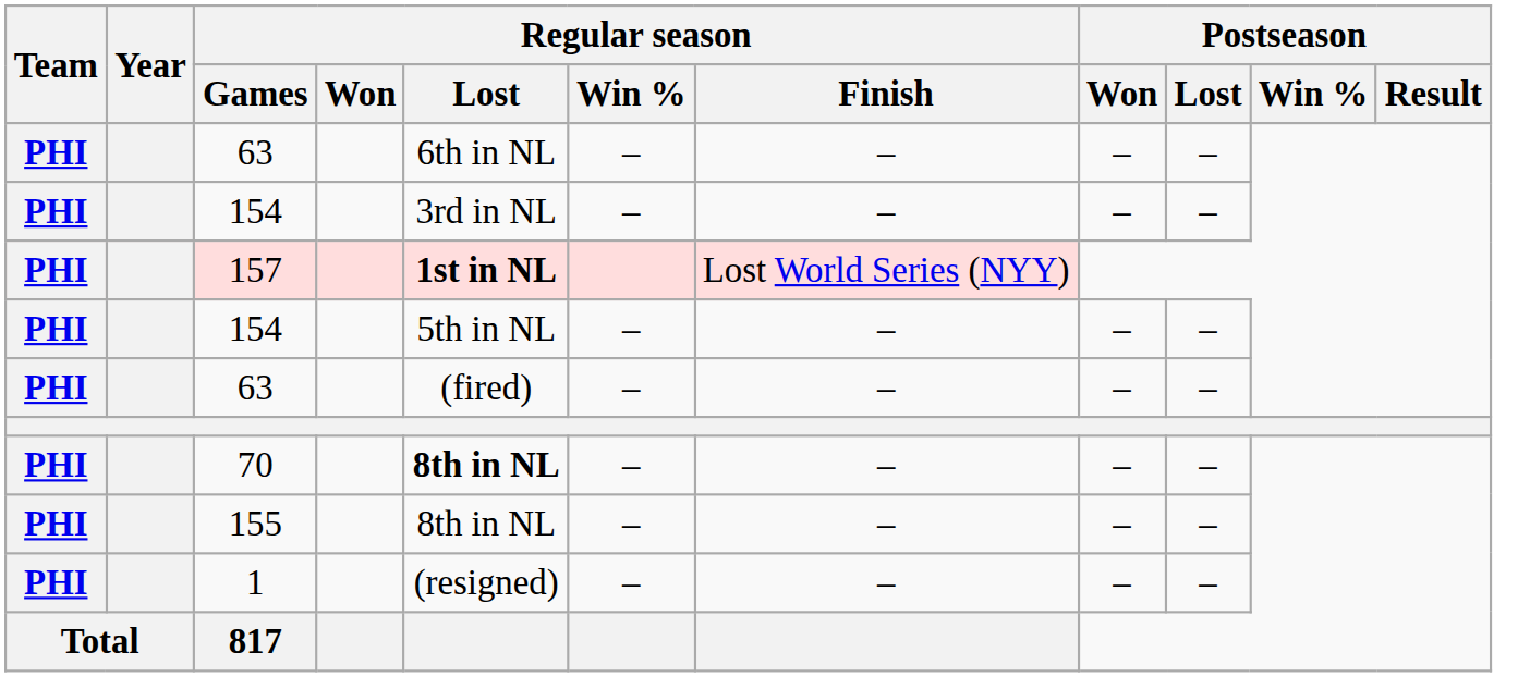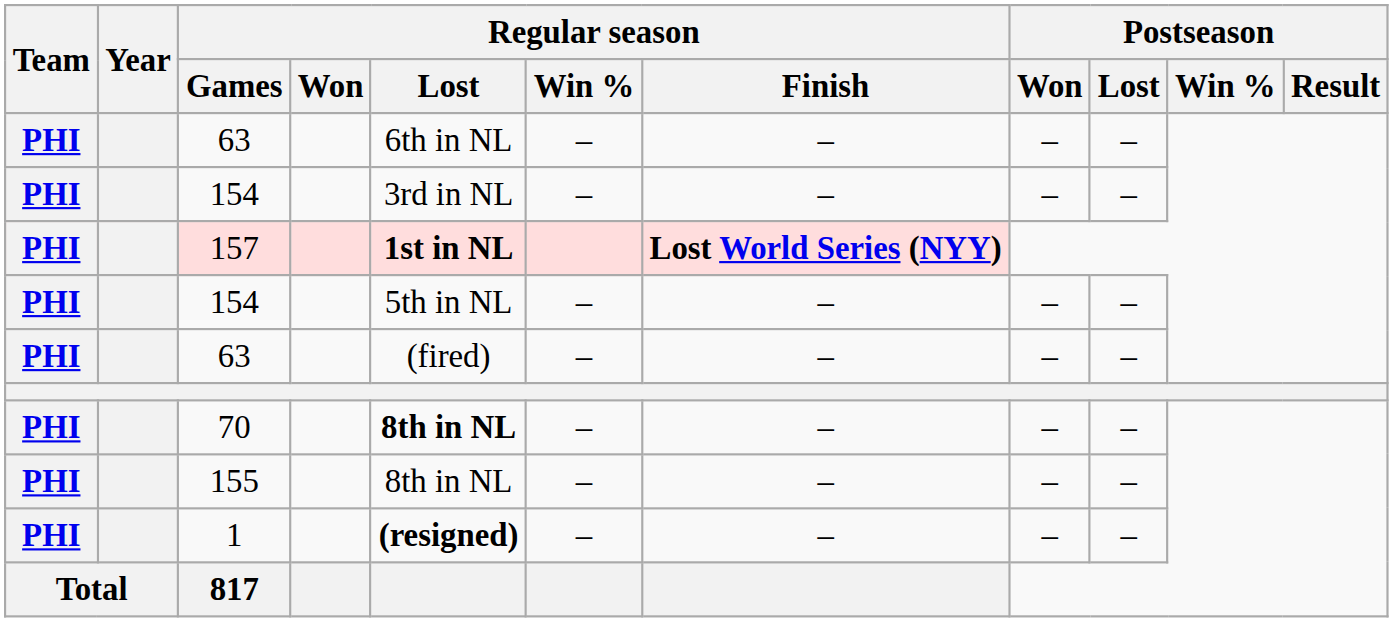 <table class="wikitable" style="font-size: 95%; text-align:center;">
 <tr>
 <th rowspan="2">Team</th>
 <th rowspan="2">Year</th>
 <th colspan="5">Regular season</th>
 <th colspan="4">Postseason</th>
 </tr>
 <tr>
 <th>Games</th>
 <th>Won</th>
 <th>Lost</th>
 <th>Win %</th>
 <th>Finish</th>
 <th>Won</th>
 <th>Lost</th>
 <th>Win %</th>
 <th>Result</th>
 </tr>
 <tr>
 <th><a href='#'>PHI</a></th>
 <th></th>
 <td>63</td>
 <td></td>
 <td>6th in NL</td>
 <td>–</td>
 <td>–</td>
 <td>–</td>
 <td>–</td>
 </tr>
 <tr>
 <th><a href='#'>PHI</a></th>
 <th></th>
 <td>154</td>
 <td></td>
 <td>3rd in NL</td>
 <td>–</td>
 <td>–</td>
 <td>–</td>
 <td>–</td>
 </tr>
 <tr style="background:#fdd;" !>
 <th><a href='#'>PHI</a></th>
 <th></th>
 <td>157</td>
 <td></td>
 <td><strong>1st in NL</strong></td>
 <td></td>
-<td>Lost <a href='#'>World Series</a> (<a href='#'>NYY</a>)</td>
+<td><strong>Lost <a href='#'>World Series</a> (<a href='#'>NYY</a>)</strong></td>
 </tr>
 <tr>
 <th><a href='#'>PHI</a></th>
 <th></th>
 <td>154</td>
 <td></td>
 <td>5th in NL</td>
 <td>–</td>
 <td>–</td>
 <td>–</td>
 <td>–</td>
 </tr>
 <tr>
 <th><a href='#'>PHI</a></th>
 <th></th>
 <td>63</td>
 <td></td>
 <td>(fired)</td>
 <td>–</td>
 <td>–</td>
 <td>–</td>
 <td>–</td>
 </tr>
 <tr>
 <th colspan="11"></th>
 </tr>
 <tr>
 <th><a href='#'>PHI</a></th>
 <th></th>
 <td>70</td>
 <td></td>
 <td><strong>8th in NL</strong></td>
 <td>–</td>
 <td>–</td>
 <td>–</td>
 <td>–</td>
 </tr>
 <tr>
 <th><a href='#'>PHI</a></th>
 <th></th>
 <td>155</td>
 <td></td>
 <td>8th in NL</td>
 <td>–</td>
 <td>–</td>
 <td>–</td>
 <td>–</td>
 </tr>
 <tr>
 <th><a href='#'>PHI</a></th>
 <th></th>
 <td>1</td>
 <td></td>
-<td>(resigned)</td>
+<td><strong>(resigned)</strong></td>
 <td>–</td>
 <td>–</td>
 <td>–</td>
 <td>–</td>
 </tr>
 <tr>
 <th colspan="2">Total</th>
 <th>817</th>
 <th></th>
 <th></th>
 <th></th>
 <th></th>
 </tr>
 </table>
